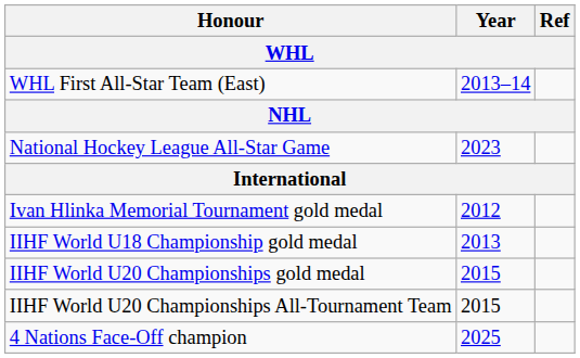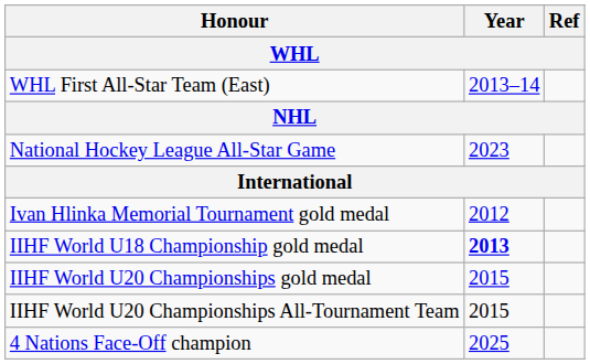 <table class="wikitable">
 <tr>
 <th>Honour</th>
 <th>Year</th>
 <th>Ref</th>
 </tr>
 <tr>
 <th colspan="3"><a href='#'>WHL</a></th>
 </tr>
 <tr>
 <td><a href='#'>WHL</a> First All-Star Team (East)</td>
 <td><a href='#'>2013–14</a></td>
 <td></td>
 </tr>
 <tr>
 <th colspan="3"><a href='#'>NHL</a></th>
 </tr>
 <tr>
 <td><a href='#'>National Hockey League All-Star Game</a></td>
 <td><a href='#'>2023</a></td>
 <td></td>
 </tr>
 <tr>
 <th colspan="3">International</th>
 </tr>
 <tr>
 <td><a href='#'>Ivan Hlinka Memorial Tournament</a> gold medal</td>
 <td><a href='#'>2012</a></td>
 <td></td>
 </tr>
 <tr>
 <td><a href='#'>IIHF World U18 Championship</a> gold medal</td>
-<td><a href='#'>2013</a></td>
+<td><strong><a href='#'>2013</a></strong></td>
 <td></td>
 </tr>
 <tr>
 <td><a href='#'>IIHF World U20 Championships</a> gold medal</td>
 <td><a href='#'>2015</a></td>
 <td></td>
 </tr>
 <tr>
 <td>IIHF World U20 Championships All-Tournament Team</td>
 <td>2015</td>
 <td></td>
 </tr>
 <tr>
 <td><a href='#'>4 Nations Face-Off</a> champion</td>
 <td><a href='#'>2025</a></td>
 <td></td>
 </tr>
 </table>
